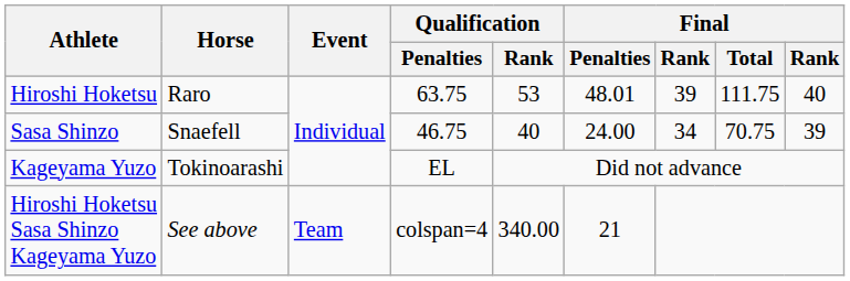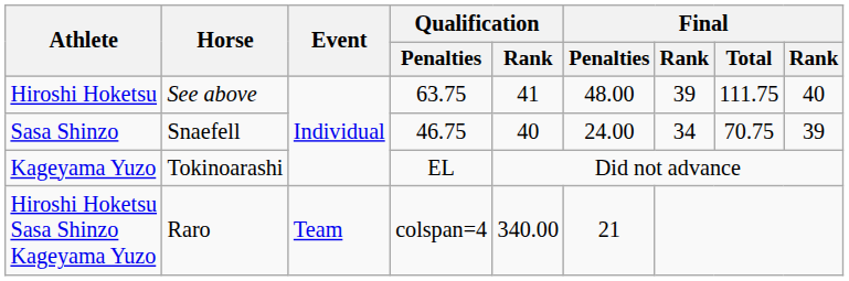 <table class="wikitable" style="font-size:90%">
 <tr>
 <th rowspan="2">Athlete</th>
 <th rowspan="2">Horse</th>
 <th rowspan="2">Event</th>
 <th colspan="2">Qualification</th>
 <th colspan="4">Final</th>
 </tr>
 <tr style="font-size:95%">
 <th>Penalties</th>
 <th>Rank</th>
 <th>Penalties</th>
 <th>Rank</th>
 <th>Total</th>
 <th>Rank</th>
 </tr>
 <tr align=center>
 <td align=left><a href='#'>Hiroshi Hoketsu</a></td>
-<td align=left>Raro</td>
+<td align=left><em>See above</em></td>
 <td align=left rowspan=3><a href='#'>Individual</a></td>
 <td>63.75</td>
-<td>53</td>
-<td>48.01</td>
+<td>41</td>
+<td>48.00</td>
 <td>39</td>
 <td>111.75</td>
 <td>40</td>
 </tr>
 <tr align=center>
 <td align=left><a href='#'>Sasa Shinzo</a></td>
 <td align=left>Snaefell</td>
 <td>46.75</td>
 <td>40</td>
 <td>24.00</td>
 <td>34</td>
 <td>70.75</td>
 <td>39</td>
 </tr>
 <tr align=center>
 <td align=left><a href='#'>Kageyama Yuzo</a></td>
 <td align=left>Tokinoarashi</td>
 <td>EL</td>
 <td colspan=5>Did not advance</td>
 </tr>
 <tr align=center>
 <td align=left><a href='#'>Hiroshi Hoketsu</a><br><a href='#'>Sasa Shinzo</a><br><a href='#'>Kageyama Yuzo</a></td>
-<td align=left><em>See above</em></td>
+<td align=left>Raro</td>
 <td align=left><a href='#'>Team</a></td>
 <td>colspan=4 </td>
 <td>340.00</td>
 <td>21</td>
 </tr>
 </table>
